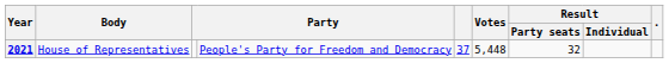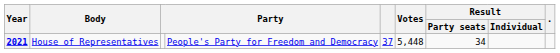 <table class="wikitable plainrowheaders sortable" border=2 cellpadding=4 cellspacing=0 style="border: 1px #aaa solid; font-size: 90%; text-align:center;">
 <tr>
 <th scope="col" rowspan=2>Year</th>
 <th scope="col" rowspan=2>Body</th>
 <th scope="col" colspan=2 rowspan=2>Party</th>
 <th scope="col" rowspan=2></th>
 <th scope="col" rowspan=2>Votes</th>
 <th scope="colgroup" colspan=2>Result</th>
 <th scope="col" rowspan=2 class="unsortable">.</th>
 </tr>
 <tr>
 <th scope="col">Party seats</th>
 <th scope="col">Individual</th>
 </tr>
 <tr>
 <th scope="row"><a href='#'>2021</a></th>
 <td><a href='#'>House of Representatives</a></td>
 <td style="background-color:"></td>
 <td><a href='#'>People's Party for Freedom and Democracy</a></td>
 <td style=text-align:right><a href='#'>37</a></td>
 <td style=text-align:right>5,448</td>
-<td style=text-align:right>32</td>
+<td style=text-align:right>34</td>
 <td></td>
 <td></td>
 </tr>
 </table>
